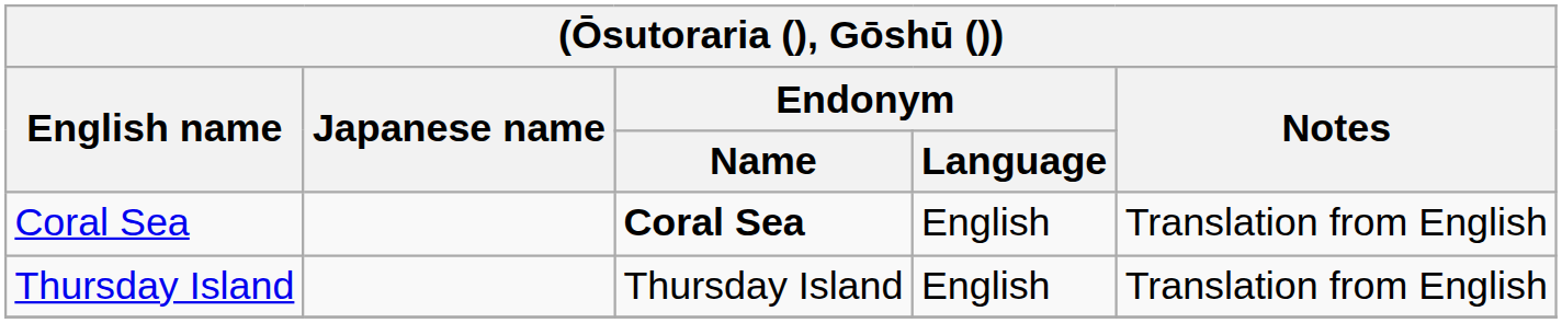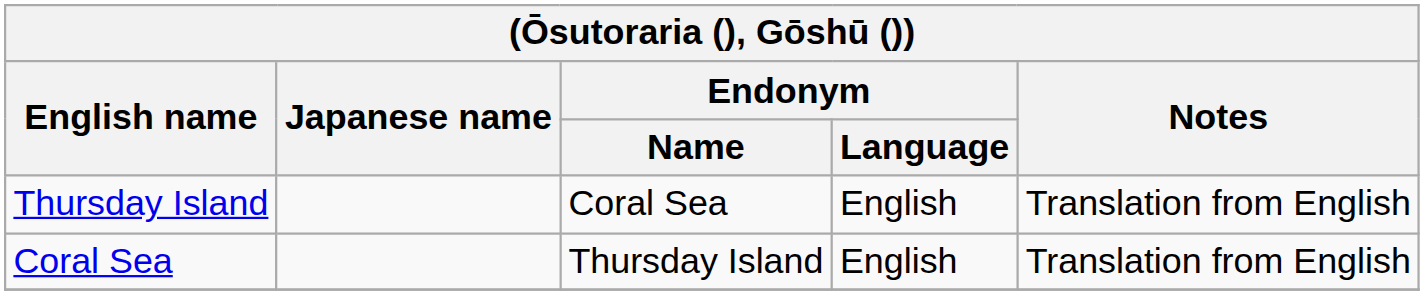 <table class="wikitable sortable">
 <tr>
 <th colspan="5"> (Ōsutoraria (), Gōshū ())</th>
 </tr>
 <tr>
 <th rowspan="2">English name</th>
 <th rowspan="2">Japanese name</th>
 <th colspan="2">Endonym</th>
 <th rowspan="2">Notes</th>
 </tr>
 <tr>
 <th>Name</th>
 <th>Language</th>
 </tr>
 <tr>
-<td><a href='#'>Coral Sea</a></td>
+<td><a href='#'>Thursday Island</a></td>
 <td><br></td>
-<td><strong>Coral Sea</strong></td>
+<td>Coral Sea</td>
 <td>English</td>
 <td>Translation from English</td>
 </tr>
 <tr>
-<td><a href='#'>Thursday Island</a></td>
+<td><a href='#'>Coral Sea</a></td>
 <td><br></td>
 <td>Thursday Island</td>
 <td>English</td>
 <td>Translation from English</td>
 </tr>
 <tr>
 </tr>
 </table>
